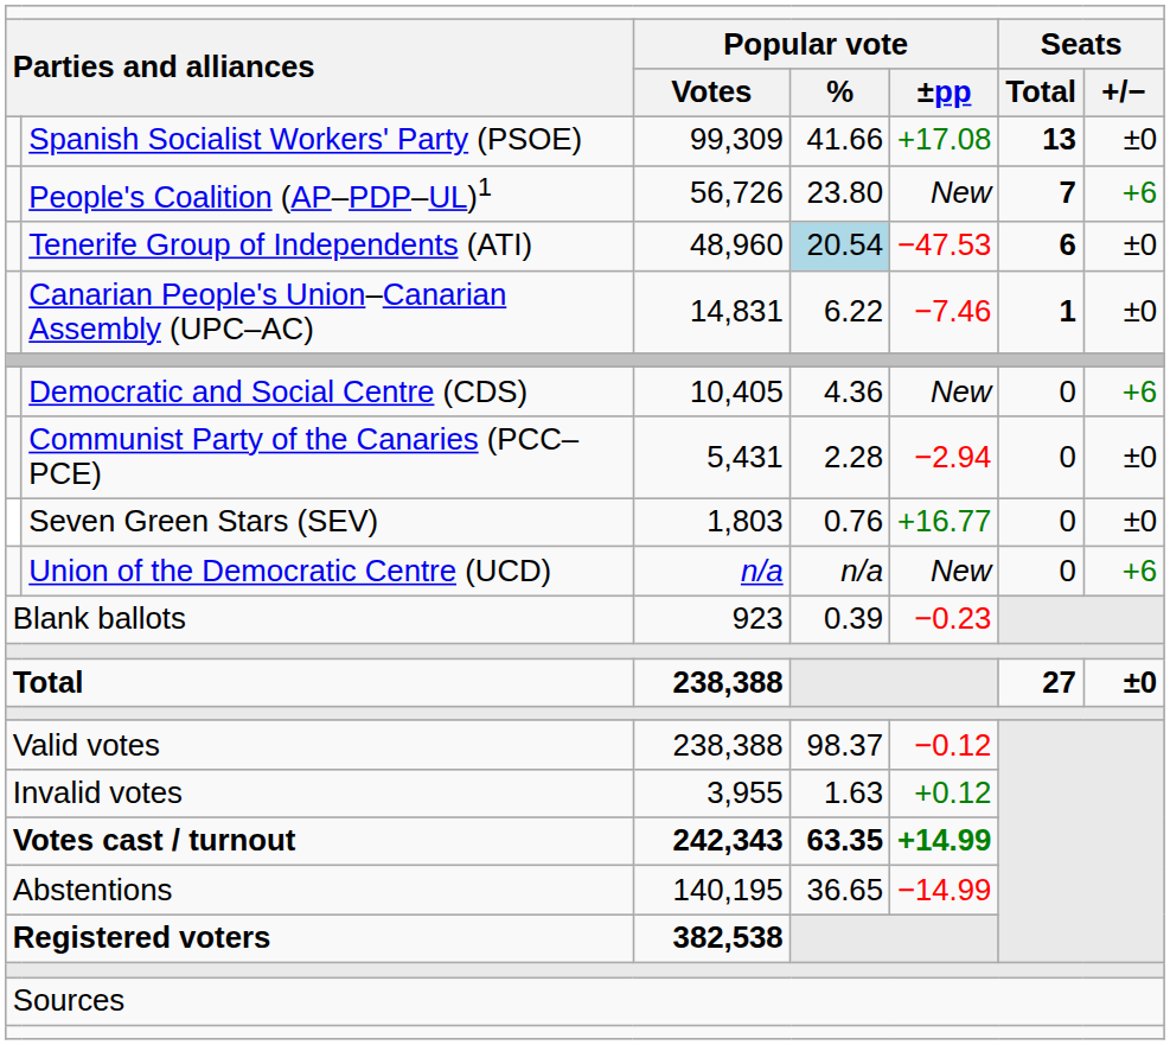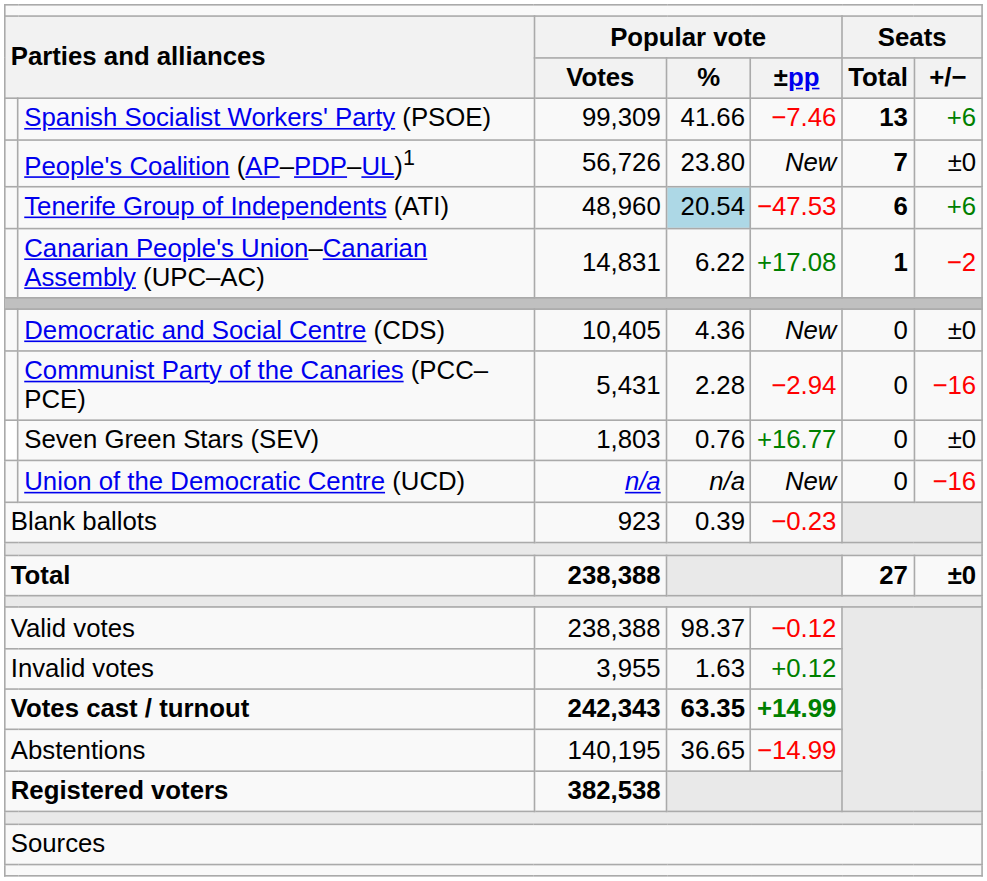 <table class="wikitable" style="text-align:right;">
 <tr>
 <td colspan="7"></td>
 </tr>
 <tr>
 <th style="text-align:left;" rowspan="2" colspan="2" width="525">Parties and alliances</th>
 <th colspan="3">Popular vote</th>
 <th colspan="2">Seats</th>
 </tr>
 <tr>
 <th width="75">Votes</th>
 <th width="45">%</th>
 <th width="45">±<a href='#'>pp</a></th>
 <th width="35">Total</th>
 <th width="35">+/−</th>
 </tr>
 <tr>
 <td width="1" style="color:inherit;background:"></td>
 <td align="left"><a href='#'>Spanish Socialist Workers' Party</a> (PSOE)</td>
 <td>99,309</td>
 <td>41.66</td>
-<td style="color:green;">+17.08</td>
+<td style="color:red;">−7.46</td>
 <td><strong>13</strong></td>
-<td>±0</td>
+<td style="color:green;">+6</td>
 </tr>
 <tr>
 <td style="color:inherit;background:"></td>
 <td align="left"><a href='#'>People's Coalition</a> (<a href='#'>AP</a>–<a href='#'>PDP</a>–<a href='#'>UL</a>)<sup>1</sup></td>
 <td>56,726</td>
 <td>23.80</td>
 <td><em>New</em></td>
 <td><strong>7</strong></td>
-<td style="color:green;">+6</td>
+<td>±0</td>
 </tr>
 <tr>
 <td style="color:inherit;background:"></td>
 <td align="left"><a href='#'>Tenerife Group of Independents</a> (ATI)</td>
 <td>48,960</td>
 <td style="background: lightblue;">20.54</td>
 <td style="color:red;">−47.53</td>
 <td><strong>6</strong></td>
-<td>±0</td>
+<td style="color:green;">+6</td>
 </tr>
 <tr>
 <td style="color:inherit;background:"></td>
 <td align="left"><a href='#'>Canarian People's Union</a>–<a href='#'>Canarian Assembly</a> (UPC–AC)</td>
 <td>14,831</td>
 <td>6.22</td>
-<td style="color:red;">−7.46</td>
+<td style="color:green;">+17.08</td>
 <td><strong>1</strong></td>
-<td>±0</td>
+<td style="color:red;">−2</td>
 </tr>
 <tr>
 <td colspan="7" bgcolor="#C0C0C0"></td>
 </tr>
 <tr>
 <td style="color:inherit;background:"></td>
 <td align="left"><a href='#'>Democratic and Social Centre</a> (CDS)</td>
 <td>10,405</td>
 <td>4.36</td>
 <td><em>New</em></td>
 <td>0</td>
-<td style="color:green;">+6</td>
+<td>±0</td>
 </tr>
 <tr>
 <td style="color:inherit;background:"></td>
 <td align="left"><a href='#'>Communist Party of the Canaries</a> (PCC–PCE)</td>
 <td>5,431</td>
 <td>2.28</td>
 <td style="color:red;">−2.94</td>
 <td>0</td>
-<td>±0</td>
+<td style="color:red;">−16</td>
 </tr>
 <tr>
 <td bgcolor="white"></td>
 <td align="left">Seven Green Stars (SEV)</td>
 <td>1,803</td>
 <td>0.76</td>
 <td style="color:green;">+16.77</td>
 <td>0</td>
 <td>±0</td>
 </tr>
 <tr>
 <td style="color:inherit;background:"></td>
 <td align="left"><a href='#'>Union of the Democratic Centre</a> (UCD)</td>
 <td><em><a href='#'>n/a</a></em></td>
 <td><em>n/a</em></td>
 <td><em>New</em></td>
 <td>0</td>
-<td style="color:green;">+6</td>
+<td style="color:red;">−16</td>
 </tr>
 <tr>
 <td align="left" colspan="2">Blank ballots</td>
 <td>923</td>
 <td>0.39</td>
 <td style="color:red;">−0.23</td>
 <td bgcolor="#E9E9E9" colspan="2"></td>
 </tr>
 <tr>
 <td colspan="7" bgcolor="#E9E9E9"></td>
 </tr>
 <tr style="font-weight:bold;">
 <td align="left" colspan="2">Total</td>
 <td>238,388</td>
 <td bgcolor="#E9E9E9" colspan="2"></td>
 <td>27</td>
 <td>±0</td>
 </tr>
 <tr>
 <td colspan="7" bgcolor="#E9E9E9"></td>
 </tr>
 <tr>
 <td align="left" colspan="2">Valid votes</td>
 <td>238,388</td>
 <td>98.37</td>
 <td style="color:red;">−0.12</td>
 <td bgcolor="#E9E9E9" colspan="2" rowspan="5"></td>
 </tr>
 <tr>
 <td align="left" colspan="2">Invalid votes</td>
 <td>3,955</td>
 <td>1.63</td>
 <td style="color:green;">+0.12</td>
 </tr>
 <tr style="font-weight:bold;">
 <td align="left" colspan="2">Votes cast / turnout</td>
 <td>242,343</td>
 <td>63.35</td>
 <td style="color:green;">+14.99</td>
 </tr>
 <tr>
 <td align="left" colspan="2">Abstentions</td>
 <td>140,195</td>
 <td>36.65</td>
 <td style="color:red;">−14.99</td>
 </tr>
 <tr style="font-weight:bold;">
 <td align="left" colspan="2">Registered voters</td>
 <td>382,538</td>
 <td bgcolor="#E9E9E9" colspan="2"></td>
 </tr>
 <tr>
 <td colspan="7" bgcolor="#E9E9E9"></td>
 </tr>
 <tr>
 <td align="left" colspan="7">Sources</td>
 </tr>
 <tr>
 <td colspan="7" style="text-align:left; max-width:790px;"></td>
 </tr>
 </table>
